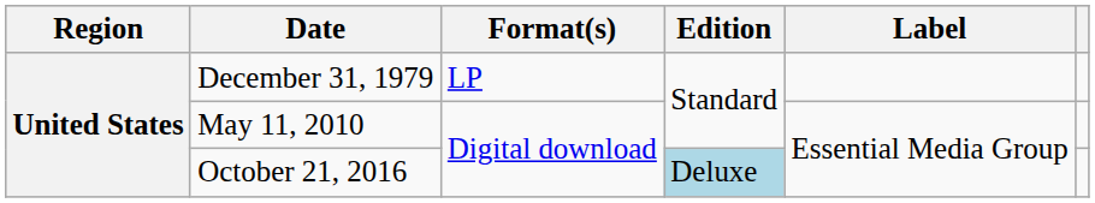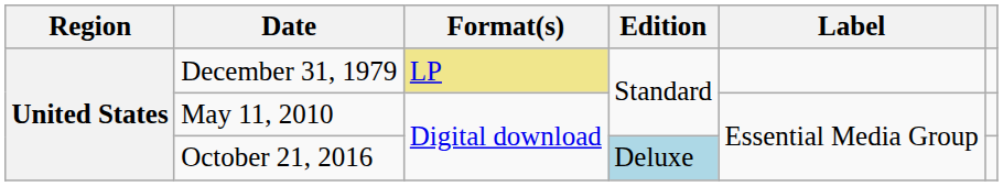 <table class="wikitable plainrowheaders">
 <tr>
 <th scope="col">Region</th>
 <th scope="col">Date</th>
 <th scope="col">Format(s)</th>
 <th scope="col">Edition</th>
 <th scope="col">Label</th>
 <th scope="col"></th>
 </tr>
 <tr>
 <th scope="row" rowspan="3">United States</th>
 <td>December 31, 1979</td>
-<td><a href='#'>LP</a></td>
+<td style="background: khaki;"><a href='#'>LP</a></td>
 <td rowspan="2">Standard</td>
 <td></td>
 <td></td>
 </tr>
 <tr>
 <td>May 11, 2010</td>
 <td rowspan="2"><a href='#'>Digital download</a></td>
 <td rowspan="2">Essential Media Group</td>
 <td></td>
 </tr>
 <tr>
 <td>October 21, 2016</td>
 <td style="background: lightblue;">Deluxe</td>
 <td></td>
 </tr>
 </table>
